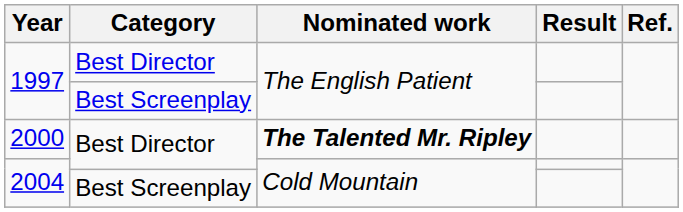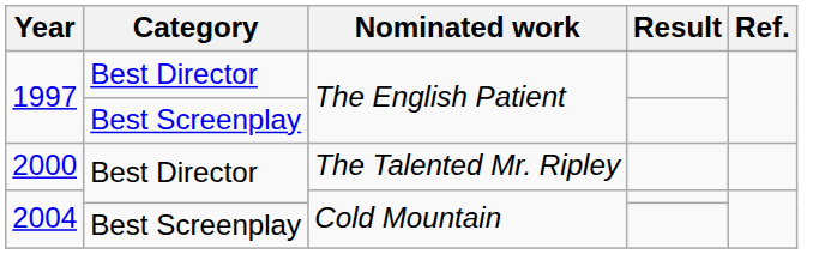 <table class=wikitable>
 <tr>
 <th scope="col">Year</th>
 <th scope="col">Category</th>
 <th scope="col">Nominated work</th>
 <th scope="col">Result</th>
 <th>Ref.</th>
 </tr>
 <tr>
 <td rowspan=2><a href='#'>1997</a></td>
 <td><a href='#'>Best Director</a></td>
 <td rowspan=2><em>The English Patient</em></td>
 <td></td>
 <td rowspan=2></td>
 </tr>
 <tr>
 <td><a href='#'>Best Screenplay</a></td>
 <td></td>
 </tr>
 <tr>
 <td><a href='#'>2000</a></td>
 <td rowspan=2>Best Director</td>
-<td><strong><em>The Talented Mr. Ripley</em></strong></td>
+<td><em>The Talented Mr. Ripley</em></td>
 <td></td>
 <td></td>
 </tr>
 <tr>
 <td rowspan=2><a href='#'>2004</a></td>
 <td rowspan=2><em>Cold Mountain</em></td>
 <td></td>
 <td rowspan=2></td>
 </tr>
 <tr>
 <td>Best Screenplay</td>
 <td></td>
 </tr>
 </table>
